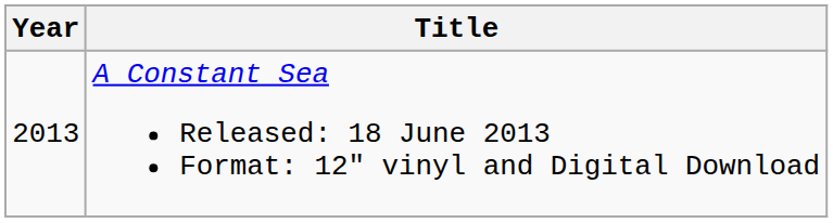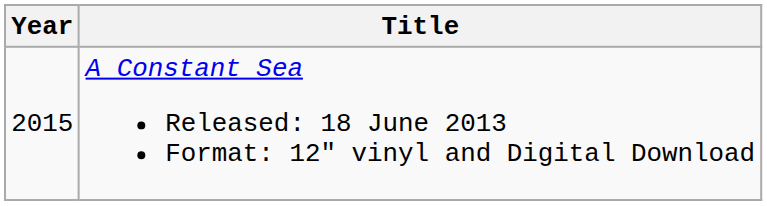 <table class="wikitable">
 <tr>
 <th>Year</th>
 <th>Title</th>
 </tr>
 <tr>
-<td>2013</td>
+<td>2015</td>
 <td><em><a href='#'>A Constant Sea</a></em><br><ul><li>Released: 18 June 2013</li><li>Format: 12" vinyl and Digital Download</li></ul></td>
 </tr>
 </table>
